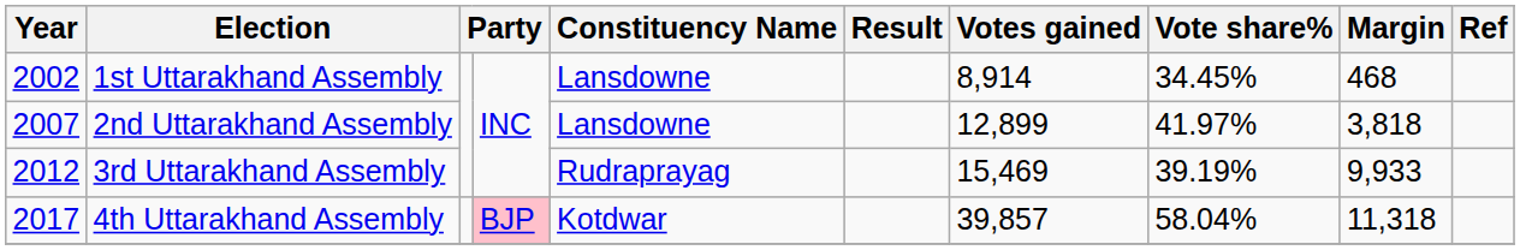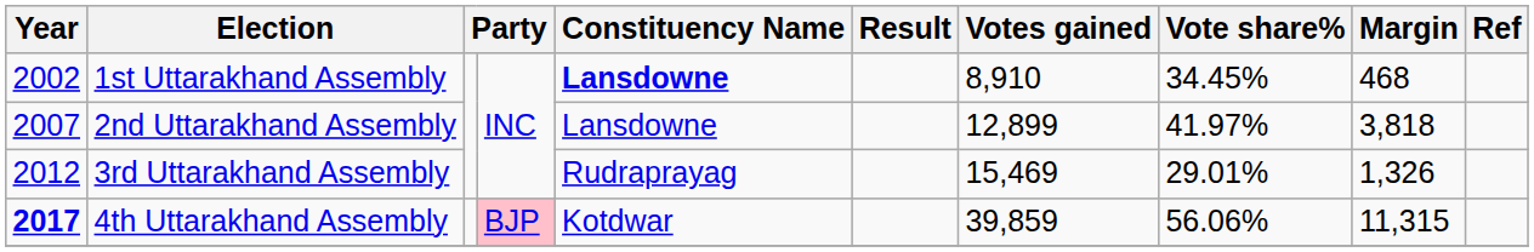 <table class="wikitable">
 <tr>
 <th>Year</th>
 <th>Election</th>
 <th colspan="2">Party</th>
 <th>Constituency Name</th>
 <th>Result</th>
 <th>Votes gained</th>
 <th>Vote share%</th>
 <th>Margin</th>
 <th>Ref</th>
 </tr>
 <tr>
 <td><a href='#'>2002</a></td>
 <td><a href='#'>1st Uttarakhand Assembly</a></td>
 <td rowspan="3" style="background-color: "></td>
 <td rowspan="3"><a href='#'>INC</a> </td>
-<td><a href='#'>Lansdowne</a></td>
+<td><strong><a href='#'>Lansdowne</a></strong></td>
 <td></td>
-<td>8,914</td>
+<td>8,910</td>
 <td>34.45%</td>
 <td>468</td>
 <td></td>
 </tr>
 <tr>
 <td><a href='#'>2007</a></td>
 <td><a href='#'>2nd Uttarakhand Assembly</a></td>
 <td><a href='#'>Lansdowne</a></td>
 <td></td>
 <td>12,899</td>
 <td>41.97%</td>
 <td>3,818</td>
 <td></td>
 </tr>
 <tr>
 <td><a href='#'>2012</a></td>
 <td><a href='#'>3rd Uttarakhand Assembly</a></td>
 <td><a href='#'>Rudraprayag</a></td>
 <td></td>
 <td>15,469</td>
-<td>39.19%</td>
-<td>9,933</td>
+<td>29.01%</td>
+<td>1,326</td>
 <td></td>
 </tr>
 <tr>
-<td><a href='#'>2017</a></td>
+<td><strong><a href='#'>2017</a></strong></td>
 <td><a href='#'>4th Uttarakhand Assembly</a></td>
 <td style="background-color: "></td>
 <td style="background: pink;"><a href='#'>BJP</a> </td>
 <td><a href='#'>Kotdwar</a></td>
 <td></td>
-<td>39,857</td>
-<td>58.04%</td>
-<td>11,318</td>
+<td>39,859</td>
+<td>56.06%</td>
+<td>11,315</td>
 <td></td>
 </tr>
 <tr>
 </tr>
 </table>
